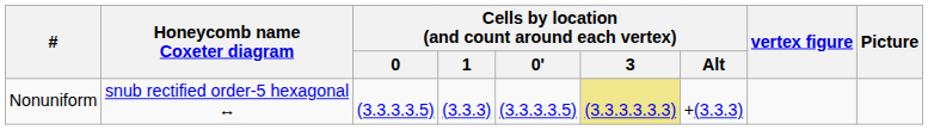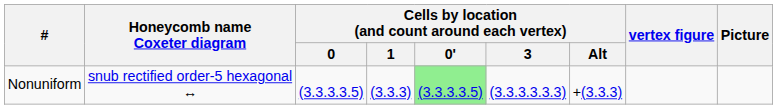 <table class="wikitable">
 <tr>
 <th rowspan=2>#</th>
 <th rowspan=2>Honeycomb name<br><a href='#'>Coxeter diagram</a></th>
 <th colspan=5>Cells by location<br>(and count around each vertex)</th>
 <th rowspan=2><a href='#'>vertex figure</a></th>
 <th rowspan=2>Picture</th>
 </tr>
 <tr>
 <th>0<br></th>
 <th>1<br></th>
 <th>0'<br></th>
 <th>3<br></th>
 <th>Alt</th>
 </tr>
 <tr align=center>
 <td>Nonuniform</td>
 <td><a href='#'>snub rectified order-5 hexagonal</a><br> ↔ </td>
 <td><br><a href='#'>(3.3.3.3.5)</a></td>
 <td><br><a href='#'>(3.3.3)</a></td>
-<td><br><a href='#'>(3.3.3.3.5)</a></td>
-<td style="background: khaki;"><br><a href='#'>(3.3.3.3.3.3)</a></td>
+<td style="background: lightgreen;"><br><a href='#'>(3.3.3.3.5)</a></td>
+<td><br><a href='#'>(3.3.3.3.3.3)</a></td>
 <td><br>+<a href='#'>(3.3.3)</a></td>
 <td></td>
 <td></td>
 </tr>
 </table>
